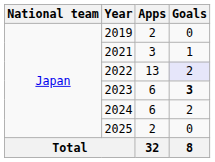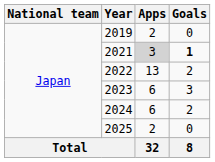 <table class="wikitable" style="text-align: center;">
 <tr>
 <th>National team</th>
 <th>Year</th>
 <th>Apps</th>
 <th>Goals</th>
 </tr>
 <tr>
 <td rowspan="6"><a href='#'>Japan</a></td>
 <td>2019</td>
 <td>2</td>
 <td>0</td>
 </tr>
 <tr>
 <td>2021</td>
-<td>3</td>
-<td>1</td>
+<td style="background: lightgrey;">3</td>
+<td><strong>1</strong></td>
 </tr>
 <tr>
 <td>2022</td>
 <td>13</td>
-<td style="background: lavender;">2</td>
+<td>2</td>
 </tr>
 <tr>
 <td>2023</td>
 <td>6</td>
-<td><strong>3</strong></td>
+<td>3</td>
 </tr>
 <tr>
 <td>2024</td>
 <td>6</td>
 <td>2</td>
 </tr>
 <tr>
 <td>2025</td>
 <td>2</td>
 <td>0</td>
 </tr>
 <tr>
 <th colspan="2">Total</th>
 <th>32</th>
 <th>8</th>
 </tr>
 </table>
